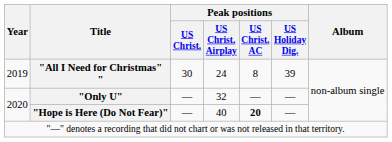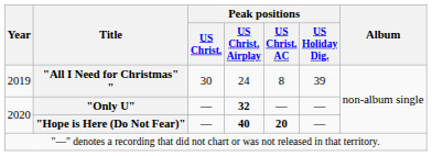 <table class="wikitable plainrowheaders" style="text-align:center;">
 <tr>
 <th scope="col" rowspan="2">Year</th>
 <th scope="col" rowspan="2">Title</th>
 <th scope="col" colspan="4">Peak positions</th>
 <th scope="col" rowspan="2">Album</th>
 </tr>
 <tr>
 <th scope="col" style="width:2.5em;font-size:90%;"><a href='#'>US<br>Christ.</a><br></th>
 <th scope="col" style="width:2.5em;font-size:90%;"><a href='#'>US<br>Christ.<br>Airplay</a><br></th>
 <th scope="col" style="width:2.5em;font-size:90%;"><a href='#'>US<br>Christ.<br>AC</a><br></th>
 <th scope="col" style="width:2.5em;font-size:90%;"><a href='#'>US<br>Holiday<br>Dig.</a><br></th>
 </tr>
 <tr>
 <td>2019</td>
 <th scope="row">"All I Need for Christmas"<br>"</th>
 <td>30</td>
 <td>24</td>
 <td>8</td>
 <td>39</td>
 <td rowspan="3">non-album single</td>
 </tr>
 <tr>
 <td rowspan="2">2020</td>
 <th scope="row">"Only U"<br></th>
 <td>—</td>
-<td>32</td>
+<td><strong>32</strong></td>
 <td>—</td>
 <td>—</td>
 </tr>
 <tr>
 <th scope="row">"Hope is Here (Do Not Fear)"<br></th>
 <td>—</td>
-<td>40</td>
+<td><strong>40</strong></td>
 <td><strong>20</strong></td>
 <td>—</td>
 </tr>
 <tr>
 <td colspan="7" style="font-size:90%">"—" denotes a recording that did not chart or was not released in that territory.</td>
 </tr>
 </table>
